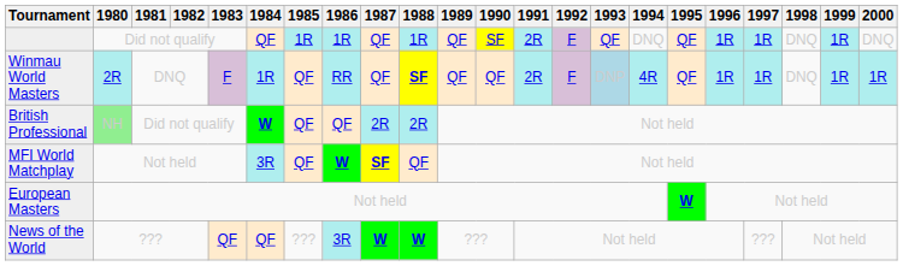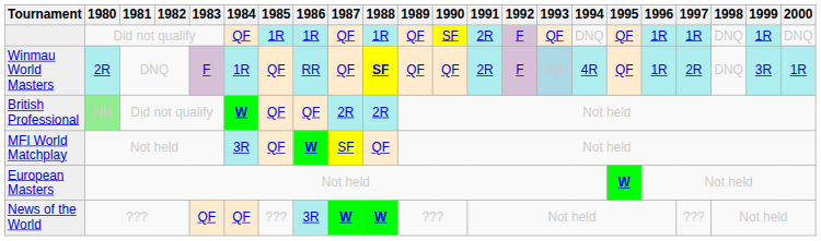 <table class="wikitable" style="width:75%; margin:0">
 <tr>
 <th>Tournament</th>
 <th>1980</th>
 <th>1981</th>
 <th>1982</th>
 <th>1983</th>
 <th>1984</th>
 <th>1985</th>
 <th>1986</th>
 <th>1987</th>
 <th>1988</th>
 <th>1989</th>
 <th>1990</th>
 <th>1991</th>
 <th>1992</th>
 <th>1993</th>
 <th>1994</th>
 <th>1995</th>
 <th>1996</th>
 <th>1997</th>
 <th>1998</th>
 <th>1999</th>
 <th>2000</th>
 </tr>
 <tr>
 <td style="background:#efefef;"></td>
 <td colspan="4" style="text-align:center; color:#ccc;">Did not qualify</td>
 <td style="text-align:center; background:#ffebcd;"><a href='#'>QF</a></td>
 <td style="text-align:center; background:#afeeee;"><a href='#'>1R</a></td>
 <td style="text-align:center; background:#afeeee;"><a href='#'>1R</a></td>
 <td style="text-align:center; background:#ffebcd;"><a href='#'>QF</a></td>
 <td style="text-align:center; background:#afeeee;"><a href='#'>1R</a></td>
 <td style="text-align:center; background:#ffebcd;"><a href='#'>QF</a></td>
 <td style="text-align:center; background:yellow;"><a href='#'>SF</a></td>
 <td style="text-align:center; background:#afeeee;"><a href='#'>2R</a></td>
 <td style="text-align:center; background:thistle;"><a href='#'>F</a></td>
 <td style="text-align:center; background:#ffebcd;"><a href='#'>QF</a></td>
 <td style="text-align:center; color:#ccc;">DNQ</td>
 <td style="text-align:center; background:#ffebcd;"><a href='#'>QF</a></td>
 <td style="text-align:center; background:#afeeee;"><a href='#'>1R</a></td>
 <td style="text-align:center; background:#afeeee;"><a href='#'>1R</a></td>
 <td style="text-align:center; color:#ccc;">DNQ</td>
 <td style="text-align:center; background:#afeeee;"><a href='#'>1R</a></td>
 <td style="text-align:center; color:#ccc;">DNQ</td>
 </tr>
 <tr>
 <td style="background:#efefef;"><a href='#'>Winmau World Masters</a></td>
 <td style="text-align:center; background:#afeeee;"><a href='#'>2R</a></td>
 <td colspan="2" style="text-align:center; color:#ccc;">DNQ</td>
 <td style="text-align:center; background:thistle;"><a href='#'>F</a></td>
 <td style="text-align:center; background:#afeeee;"><a href='#'>1R</a></td>
 <td style="text-align:center; background:#ffebcd;"><a href='#'>QF</a></td>
 <td style="text-align:center; background:#afeeee;"><a href='#'>RR</a></td>
 <td style="text-align:center; background:#ffebcd;"><a href='#'>QF</a></td>
 <td style="text-align:center; background:yellow;"><strong><a href='#'>SF</a></strong></td>
 <td style="text-align:center; background:#ffebcd;"><a href='#'>QF</a></td>
 <td style="text-align:center; background:#ffebcd;"><a href='#'>QF</a></td>
 <td style="text-align:center; background:#afeeee;"><a href='#'>2R</a></td>
 <td style="text-align:center; background:thistle;"><a href='#'>F</a></td>
 <td style="background: lightblue; text-align:center; color:#ccc;">DNP</td>
 <td style="text-align:center; background:#afeeee;"><a href='#'>4R</a></td>
 <td style="text-align:center; background:#ffebcd;"><a href='#'>QF</a></td>
 <td style="text-align:center; background:#afeeee;"><a href='#'>1R</a></td>
-<td style="text-align:center; background:#afeeee;"><a href='#'>1R</a></td>
+<td style="text-align:center; background:#afeeee;"><a href='#'>2R</a></td>
 <td style="text-align:center; color:#ccc;">DNQ</td>
-<td style="text-align:center; background:#afeeee;"><a href='#'>1R</a></td>
+<td style="text-align:center; background:#afeeee;"><a href='#'>3R</a></td>
 <td style="text-align:center; background:#afeeee;"><a href='#'>1R</a></td>
 </tr>
 <tr>
 <td style="background:#efefef;"><a href='#'>British Professional</a></td>
 <td style="background: lightgreen; text-align:center; color:#ccc;">NH</td>
 <td colspan="3" style="text-align:center; color:#ccc;">Did not qualify</td>
 <td style="text-align:center; background:lime;"><strong><a href='#'>W</a></strong></td>
 <td style="text-align:center; background:#ffebcd;"><a href='#'>QF</a></td>
 <td style="text-align:center; background:#ffebcd;"><a href='#'>QF</a></td>
 <td style="text-align:center; background:#afeeee;"><a href='#'>2R</a></td>
 <td style="text-align:center; background:#afeeee;"><a href='#'>2R</a></td>
 <td colspan="12" style="text-align:center; color:#ccc;">Not held</td>
 </tr>
 <tr>
 <td style="background:#efefef;"><a href='#'>MFI World Matchplay</a></td>
 <td colspan="4" style="text-align:center; color:#ccc;">Not held</td>
 <td style="text-align:center; background:#afeeee;"><a href='#'>3R</a></td>
 <td style="text-align:center; background:#ffebcd;"><a href='#'>QF</a></td>
 <td style="text-align:center; background:lime;"><strong><a href='#'>W</a></strong></td>
-<td style="text-align:center; background:yellow;"><strong><a href='#'>SF</a></strong></td>
+<td style="text-align:center; background:yellow;"><a href='#'>SF</a></td>
 <td style="text-align:center; background:#ffebcd;"><a href='#'>QF</a></td>
 <td colspan="12" style="text-align:center; color:#ccc;">Not held</td>
 </tr>
 <tr>
 <td style="background:#efefef;"><a href='#'>European Masters</a></td>
 <td colspan="15" style="text-align:center; color:#ccc;">Not held</td>
 <td style="text-align:center; background:lime;"><strong><a href='#'>W</a></strong></td>
 <td colspan="5" style="text-align:center; color:#ccc;">Not held</td>
 </tr>
 <tr>
 <td style="background:#efefef;"><a href='#'>News of the World</a></td>
 <td colspan="3" style="text-align:center; color:#ccc;">???</td>
 <td style="text-align:center; background:#ffebcd;"><a href='#'>QF</a></td>
 <td style="text-align:center; background:#ffebcd;"><a href='#'>QF</a></td>
 <td style="text-align:center; color:#ccc;">???</td>
 <td style="text-align:center; background:#afeeee;"><a href='#'>3R</a></td>
 <td style="text-align:center; background:lime;"><strong><a href='#'>W</a></strong></td>
 <td style="text-align:center; background:lime;"><strong><a href='#'>W</a></strong></td>
 <td colspan="2" style="text-align:center; color:#ccc;">???</td>
 <td colspan="6" style="text-align:center; color:#ccc;">Not held</td>
 <td style="text-align:center; color:#ccc;">???</td>
 <td colspan="3" style="text-align:center; color:#ccc;">Not held</td>
 </tr>
 </table>
